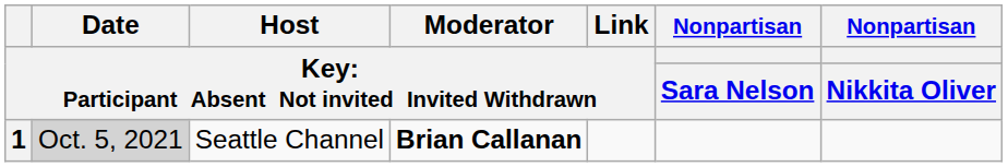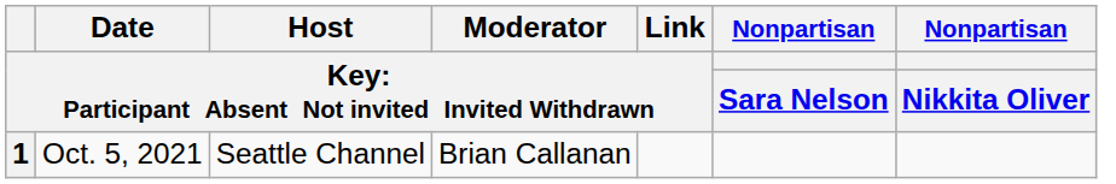 <table class="wikitable" style="text-align:center;">
 <tr>
 <th scope="col"></th>
 <th scope="col">Date</th>
 <th scope="col">Host</th>
 <th scope="col">Moderator</th>
 <th scope="col">Link</th>
 <th scope="col"><small><a href='#'>Nonpartisan</a></small></th>
 <th scope="col"><small><a href='#'>Nonpartisan</a></small></th>
 </tr>
 <tr>
 <th colspan="5" rowspan="2">Key:<br> <small>Participant </small>  <small>Absent </small>  <small>Not invited </small>  <small>Invited  Withdrawn</small></th>
 <th scope="col" style="background:"></th>
 <th scope="col" style="background:"></th>
 </tr>
 <tr>
 <th scope="col"><a href='#'>Sara Nelson</a></th>
 <th scope="col"><a href='#'>Nikkita Oliver</a></th>
 </tr>
 <tr>
 <th>1</th>
-<td style="background: lightgrey; white-space:nowrap;">Oct. 5, 2021</td>
+<td style="white-space:nowrap;">Oct. 5, 2021</td>
 <td style="white-space:nowrap;">Seattle Channel</td>
-<td style="white-space:nowrap;"><strong>Brian Callanan</strong></td>
+<td style="white-space:nowrap;">Brian Callanan</td>
 <td style="white-space:nowrap;"></td>
 <td></td>
 <td></td>
 </tr>
 </table>
